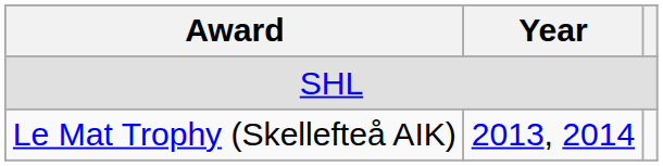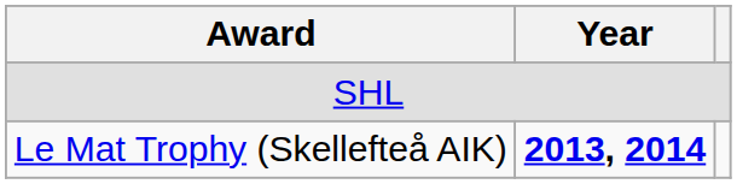 <table class="wikitable">
 <tr>
 <th>Award</th>
 <th>Year</th>
 <th></th>
 </tr>
 <tr ALIGN="center" bgcolor="#e0e0e0">
 <td colspan="3"><a href='#'>SHL</a></td>
 </tr>
 <tr>
 <td><a href='#'>Le Mat Trophy</a> (Skellefteå AIK)</td>
-<td><a href='#'>2013</a>, <a href='#'>2014</a></td>
+<td><strong><a href='#'>2013</a>, <a href='#'>2014</a></strong></td>
 <td></td>
 </tr>
 </table>
